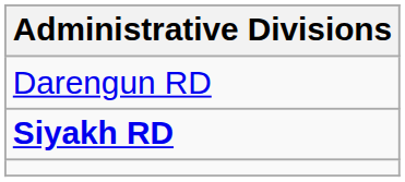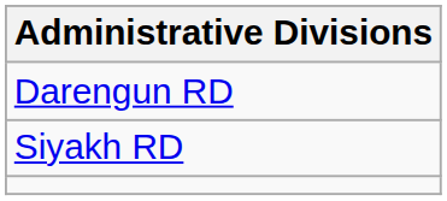 <table class="wikitable">
 <tr>
 <th>Administrative Divisions</th>
 </tr>
 <tr>
 <td><a href='#'>Darengun RD</a></td>
 </tr>
 <tr>
-<td><strong><a href='#'>Siyakh RD</a></strong></td>
+<td><a href='#'>Siyakh RD</a></td>
 </tr>
 <tr>
 <td colspan=1></td>
 </tr>
 </table>
